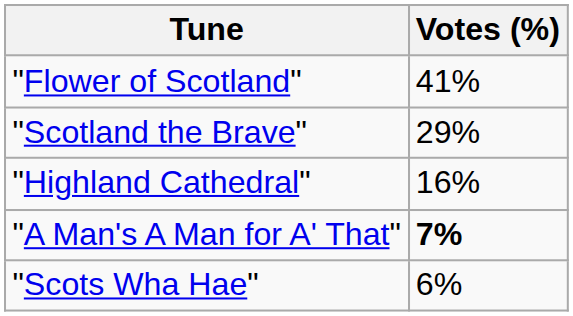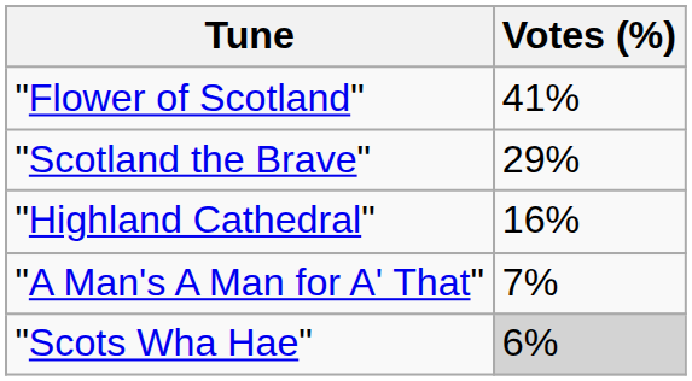 <table class="wikitable">
 <tr>
 <th>Tune</th>
 <th>Votes (%)</th>
 </tr>
 <tr>
 <td>"<a href='#'>Flower of Scotland</a>"</td>
 <td>41%</td>
 </tr>
 <tr>
 <td>"<a href='#'>Scotland the Brave</a>"</td>
 <td>29%</td>
 </tr>
 <tr>
 <td>"<a href='#'>Highland Cathedral</a>"</td>
 <td>16%</td>
 </tr>
 <tr>
 <td>"<a href='#'>A Man's A Man for A' That</a>"</td>
-<td><strong>7%</strong></td>
+<td>7%</td>
 </tr>
 <tr>
 <td>"<a href='#'>Scots Wha Hae</a>"</td>
-<td>6%</td>
+<td style="background: lightgrey;">6%</td>
 </tr>
 </table>
